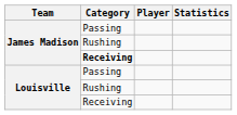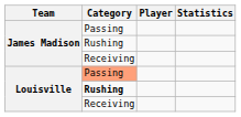 <table class="wikitable" style="float:right">
 <tr>
 <th>Team</th>
 <th>Category</th>
 <th>Player</th>
 <th>Statistics</th>
 </tr>
 <tr>
 <th rowspan=3>James Madison</th>
 <td>Passing</td>
 <td></td>
 <td></td>
 </tr>
 <tr>
 <td>Rushing</td>
 <td></td>
 <td></td>
 </tr>
 <tr>
-<td><strong>Receiving</strong></td>
+<td>Receiving</td>
 <td></td>
 <td></td>
 </tr>
 <tr>
 <th rowspan=3>Louisville</th>
-<td>Passing</td>
+<td style="background: lightsalmon;">Passing</td>
 <td></td>
 <td></td>
 </tr>
 <tr>
-<td>Rushing</td>
+<td><strong>Rushing</strong></td>
 <td></td>
 <td></td>
 </tr>
 <tr>
 <td>Receiving</td>
 <td></td>
 <td></td>
 </tr>
 </table>
